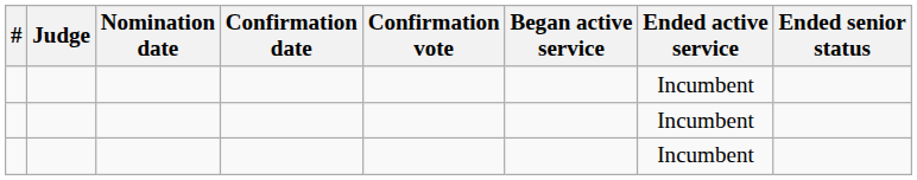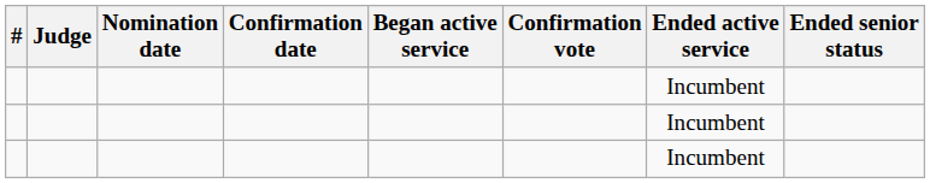 <table class="sortable wikitable">
 <tr bgcolor="#ececec">
 <th>#</th>
 <th>Judge</th>
 <th>Nomination<br>date</th>
 <th>Confirmation<br>date</th>
+<th>Began active<br>service</th>
 <th>Confirmation<br>vote</th>
-<th>Began active<br>service</th>
 <th>Ended active<br>service</th>
 <th>Ended senior<br>status</th>
 </tr>
 <tr>
 <td></td>
 <td></td>
 <td></td>
 <td></td>
+<td></td>
 <td align="center"></td>
-<td></td>
 <td align="center">Incumbent</td>
 <td align="center"></td>
 </tr>
 <tr>
 <td></td>
 <td></td>
 <td></td>
 <td></td>
+<td></td>
 <td align="center"></td>
-<td></td>
 <td align="center">Incumbent</td>
 <td align="center"></td>
 </tr>
 <tr>
 <td></td>
 <td></td>
 <td></td>
 <td></td>
+<td></td>
 <td align="center"></td>
-<td></td>
 <td align="center">Incumbent</td>
 <td align="center"></td>
 </tr>
 </table>
